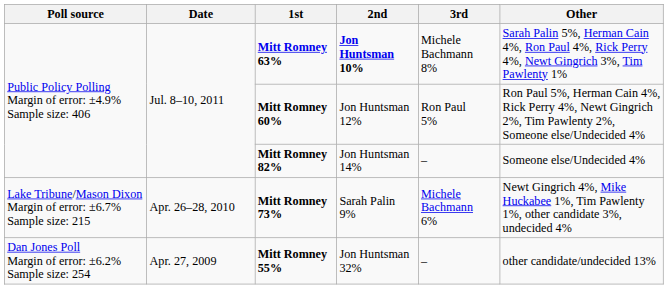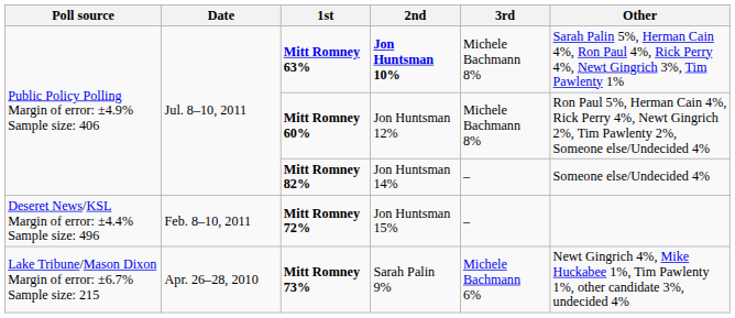 <table class="wikitable">
 <tr>
 <th style="width:180px;">Poll source</th>
 <th style="width:135px;">Date</th>
 <th style="width:100px;">1st</th>
 <th style="width:100px;">2nd</th>
 <th style="width:100px;">3rd</th>
 <th>Other</th>
 </tr>
 <tr>
 <td rowspan=3><a href='#'>Public Policy Polling</a><br>Margin of error: ±4.9% <br>Sample size: 406</td>
 <td rowspan=3>Jul. 8–10, 2011</td>
 <td><strong><a href='#'>Mitt Romney</a><br> 63%</strong></td>
 <td><strong><a href='#'>Jon Huntsman</a><br> 10%</strong></td>
 <td>Michele Bachmann<br> 8%</td>
 <td><a href='#'>Sarah Palin</a> 5%, <a href='#'>Herman Cain</a> 4%, <a href='#'>Ron Paul</a> 4%, <a href='#'>Rick Perry</a> 4%, <a href='#'>Newt Gingrich</a> 3%, <a href='#'>Tim Pawlenty</a> 1%</td>
 </tr>
 <tr>
 <td><strong>Mitt Romney<br> 60%</strong></td>
 <td>Jon Huntsman<br> 12%</td>
-<td>Ron Paul<br> 5%</td>
+<td>Michele Bachmann<br> 8%</td>
 <td>Ron Paul 5%, Herman Cain 4%, Rick Perry 4%, Newt Gingrich 2%, Tim Pawlenty 2%, Someone else/Undecided 4%</td>
 </tr>
 <tr>
 <td><strong>Mitt Romney<br> 82%</strong></td>
 <td>Jon Huntsman<br> 14%</td>
 <td>–</td>
 <td>Someone else/Undecided 4%</td>
 </tr>
 <tr>
+<td><a href='#'>Deseret News</a>/<a href='#'>KSL</a><br>Margin of error: ±4.4% <br>Sample size: 496</td>
+<td>Feb. 8–10, 2011</td>
+<td><strong>Mitt Romney<br> 72%</strong></td>
+<td>Jon Huntsman<br> 15%</td>
+<td>–</td>
+<td></td>
+</tr>
+<tr>
 <td><a href='#'>Lake Tribune</a>/<a href='#'>Mason Dixon</a><br>Margin of error: ±6.7% <br>Sample size: 215</td>
 <td>Apr. 26–28, 2010</td>
 <td><strong> Mitt Romney<br> 73%</strong></td>
 <td>Sarah Palin<br> 9%</td>
 <td><a href='#'>Michele Bachmann</a><br> 6%</td>
 <td>Newt Gingrich 4%, <a href='#'>Mike Huckabee</a> 1%, Tim Pawlenty 1%, other candidate 3%, undecided 4%</td>
 </tr>
-<tr>
-<td><a href='#'>Dan Jones Poll</a><br>Margin of error: ±6.2% <br>Sample size: 254</td>
-<td>Apr. 27, 2009</td>
-<td><strong>Mitt Romney<br> 55%</strong></td>
-<td>Jon Huntsman<br> 32%</td>
-<td>–</td>
-<td>other candidate/undecided 13%</td>
-</tr>
 </table>
